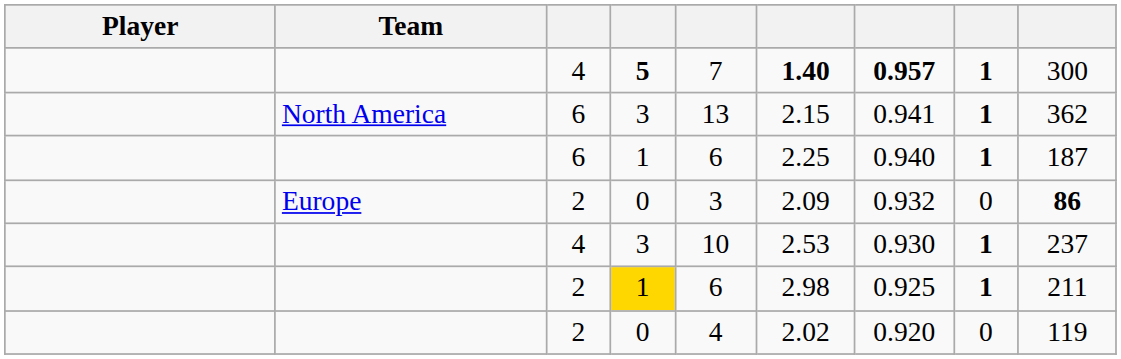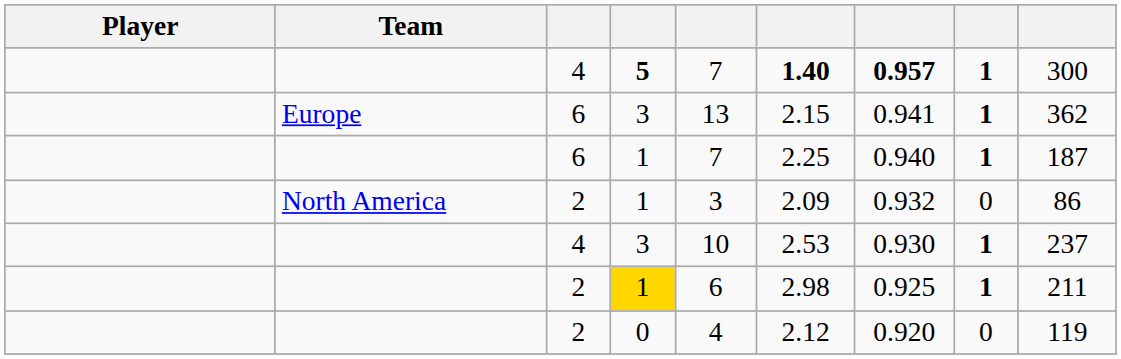 <table class="wikitable sortable" style="text-align:center;">
 <tr>
 <th style="width:150px;">Player</th>
 <th style="width:150px;">Team</th>
 <th style="width:30px;"></th>
 <th style="width:30px;"></th>
 <th style="width:40px;"></th>
 <th style="width:50px;"></th>
 <th style="width:50px;"></th>
 <th style="width:30px;"></th>
 <th style="width:50px;"></th>
 </tr>
 <tr>
 <td style="text-align:left;"> </td>
 <td style="text-align:left;"></td>
 <td>4</td>
 <td><strong>5</strong></td>
 <td>7</td>
 <td><strong>1.40</strong></td>
 <td><strong>0.957</strong></td>
 <td><strong>1</strong></td>
 <td>300</td>
 </tr>
 <tr>
 <td style="text-align:left;"> </td>
-<td style="text-align:left;"><a href='#'>North America</a></td>
+<td style="text-align:left;"><a href='#'>Europe</a></td>
 <td>6</td>
 <td>3</td>
 <td>13</td>
 <td>2.15</td>
 <td>0.941</td>
 <td><strong>1</strong></td>
 <td>362</td>
 </tr>
 <tr>
 <td style="text-align:left;"> </td>
 <td style="text-align:left;"></td>
 <td>6</td>
 <td>1</td>
-<td>6</td>
+<td>7</td>
 <td>2.25</td>
 <td>0.940</td>
 <td><strong>1</strong></td>
 <td>187</td>
 </tr>
 <tr>
 <td style="text-align:left;"> </td>
-<td style="text-align:left;"><a href='#'>Europe</a></td>
+<td style="text-align:left;"><a href='#'>North America</a></td>
 <td>2</td>
-<td>0</td>
+<td>1</td>
 <td>3</td>
 <td>2.09</td>
 <td>0.932</td>
 <td>0</td>
-<td><strong>86</strong></td>
+<td>86</td>
 </tr>
 <tr>
 <td style="text-align:left;"> </td>
 <td style="text-align:left;"></td>
 <td>4</td>
 <td>3</td>
 <td>10</td>
 <td>2.53</td>
 <td>0.930</td>
 <td><strong>1</strong></td>
 <td>237</td>
 </tr>
 <tr>
 <td style="text-align:left;"> </td>
 <td style="text-align:left;"></td>
 <td>2</td>
 <td style="background: gold;">1</td>
 <td>6</td>
 <td>2.98</td>
 <td>0.925</td>
 <td><strong>1</strong></td>
 <td>211</td>
 </tr>
 <tr>
 <td style="text-align:left;"> </td>
 <td style="text-align:left;"></td>
 <td>2</td>
 <td>0</td>
 <td>4</td>
-<td>2.02</td>
+<td>2.12</td>
 <td>0.920</td>
 <td>0</td>
 <td>119</td>
 </tr>
 </table>
